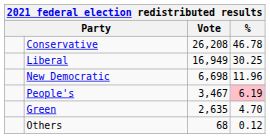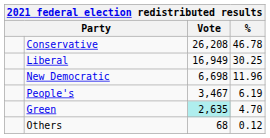 <table class="wikitable">
 <tr>
 <th colspan="4"><a href='#'>2021 federal election</a> redistributed results</th>
 </tr>
 <tr>
 <th bgcolor="#DDDDFF" width="130px" colspan="2">Party</th>
 <th bgcolor="#DDDDFF" width="50px">Vote</th>
 <th bgcolor="#DDDDFF" width="30px">%</th>
 </tr>
 <tr>
 <td> </td>
 <td><a href='#'>Conservative</a></td>
 <td align=right>26,208</td>
 <td align=right>46.78</td>
 </tr>
 <tr>
 <td> </td>
 <td><a href='#'>Liberal</a></td>
 <td align=right>16,949</td>
 <td align=right>30.25</td>
 </tr>
 <tr>
 <td> </td>
 <td><a href='#'>New Democratic</a></td>
 <td align=right>6,698</td>
 <td align=right>11.96</td>
 </tr>
 <tr>
 <td> </td>
 <td><a href='#'>People's</a></td>
 <td align=right>3,467</td>
-<td align=right style="background: pink;">6.19</td>
+<td align=right>6.19</td>
 </tr>
 <tr>
 <td> </td>
 <td><a href='#'>Green</a></td>
-<td align=right>2,635</td>
+<td align=right style="background: paleturquoise;">2,635</td>
 <td align=right>4.70</td>
 </tr>
 <tr>
 <td> </td>
 <td>Others</td>
 <td align=right>68</td>
 <td align=right>0.12</td>
 </tr>
 </table>
